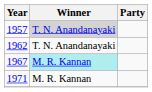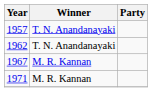 <table class="wikitable sortable">
 <tr>
 <th>Year</th>
 <th>Winner</th>
 <th colspan="2">Party</th>
 </tr>
 <tr>
 <td><a href='#'>1957</a></td>
-<td style="background: lightgrey;"><a href='#'>T. N. Anandanayaki</a></td>
+<td><a href='#'>T. N. Anandanayaki</a></td>
 <td></td>
 </tr>
 <tr>
 <td><a href='#'>1962</a></td>
 <td>T. N. Anandanayaki</td>
 <td></td>
 </tr>
 <tr>
 <td><a href='#'>1967</a></td>
-<td style="background: paleturquoise;"><a href='#'>M. R. Kannan</a></td>
+<td><a href='#'>M. R. Kannan</a></td>
 <td></td>
 </tr>
 <tr>
 <td><a href='#'>1971</a></td>
 <td>M. R. Kannan</td>
 <td></td>
 </tr>
 <tr>
 </tr>
 </table>
